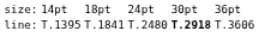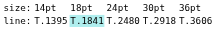 <table style="margin-left:40px;">
 <tr>
 <td>size:</td>
 <td>14pt</td>
 <td>18pt</td>
 <td>24pt</td>
 <td>30pt</td>
 <td>36pt</td>
 </tr>
 <tr>
 <td>line:</td>
 <td>T.1395</td>
-<td>T.1841</td>
+<td style="background: paleturquoise;">T.1841</td>
 <td>T.2480</td>
-<td><strong>T.2918</strong></td>
+<td>T.2918</td>
 <td>T.3606</td>
 </tr>
 </table>
